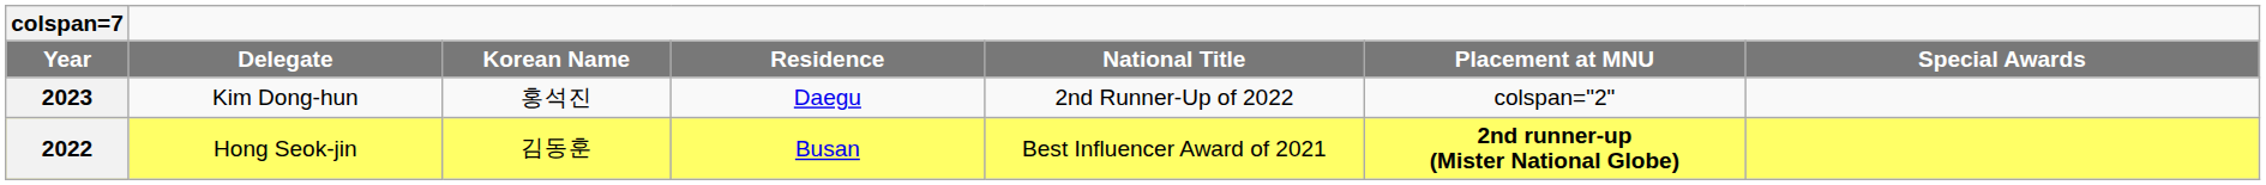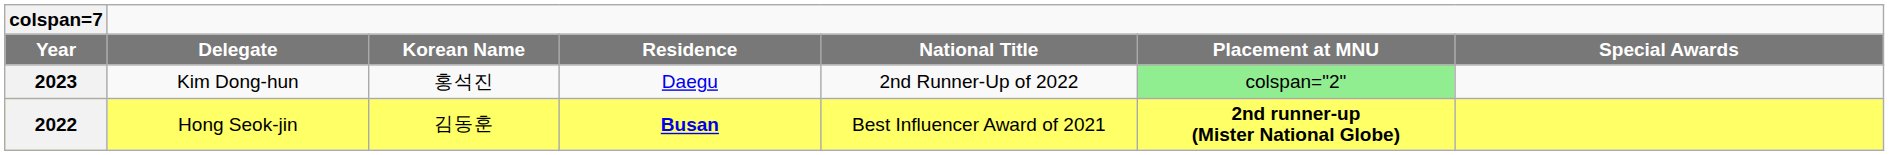 <table class="wikitable sortable" style="font-size: 85%; text-align:center">
 <tr>
 <th>colspan=7 </th>
 </tr>
 <tr>
 <th width="60" style="background-color:#787878;color:#FFFFFF;">Year</th>
 <th width="180" style="background-color:#787878;color:#FFFFFF;">Delegate</th>
 <th width="130" style="background-color:#787878;color:#FFFFFF;">Korean Name</th>
 <th width="180" style="background-color:#787878;color:#FFFFFF;">Residence</th>
 <th width="220" style="background-color:#787878;color:#FFFFFF;">National Title</th>
 <th width="220" style="background-color:#787878;color:#FFFFFF;">Placement at MNU</th>
 <th width="300" style="background-color:#787878;color:#FFFFFF;">Special Awards</th>
 </tr>
 <tr>
 <th>2023</th>
 <td>Kim Dong-hun</td>
 <td>홍석진</td>
 <td><a href='#'>Daegu</a></td>
 <td>2nd Runner-Up of 2022</td>
-<td>colspan="2" </td>
+<td style="background: lightgreen;">colspan="2" </td>
 </tr>
 <tr style="background-color:#FFFF66;">
 <th>2022</th>
 <td>Hong Seok-jin</td>
 <td>김동훈</td>
-<td><a href='#'>Busan</a></td>
+<td><strong><a href='#'>Busan</a></strong></td>
 <td>Best Influencer Award of 2021</td>
 <td><strong>2nd runner-up<br>(Mister National Globe)</strong></td>
 <td></td>
 </tr>
 </table>
